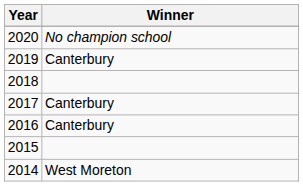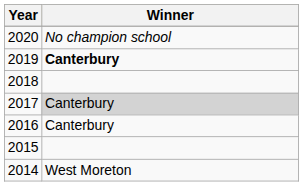 <table class="wikitable">
 <tr bgcolor=#bdb76b>
 <th style="width:2em;">Year</th>
 <th style="width:18em;">Winner</th>
 </tr>
 <tr>
 </tr>
 <tr>
 <td>2020</td>
 <td><em>No champion school</em></td>
 </tr>
 <tr>
 <td>2019</td>
-<td>Canterbury</td>
+<td><strong>Canterbury</strong></td>
 </tr>
 <tr>
 <td>2018</td>
 <td></td>
 </tr>
 <tr>
 <td>2017</td>
-<td>Canterbury </td>
+<td style="background: lightgrey;">Canterbury </td>
 </tr>
 <tr>
 <td>2016</td>
 <td>Canterbury </td>
 </tr>
 <tr>
 <td>2015</td>
 <td></td>
 </tr>
 <tr>
 <td>2014</td>
 <td>West Moreton</td>
 </tr>
 </table>
